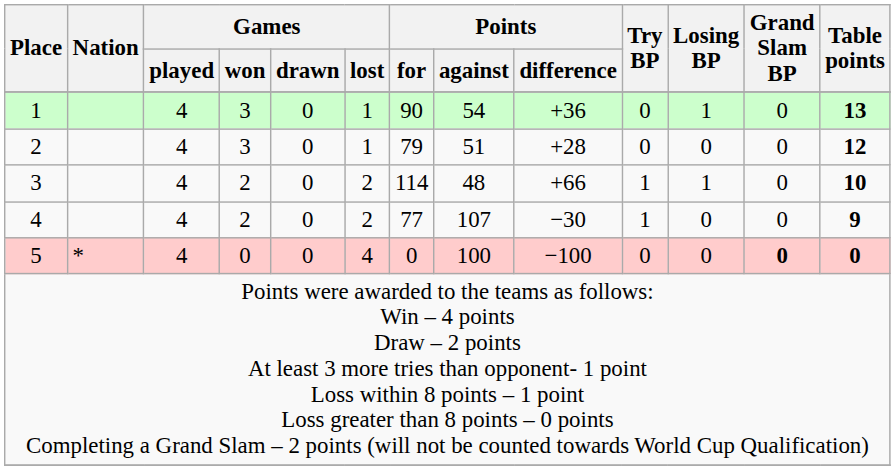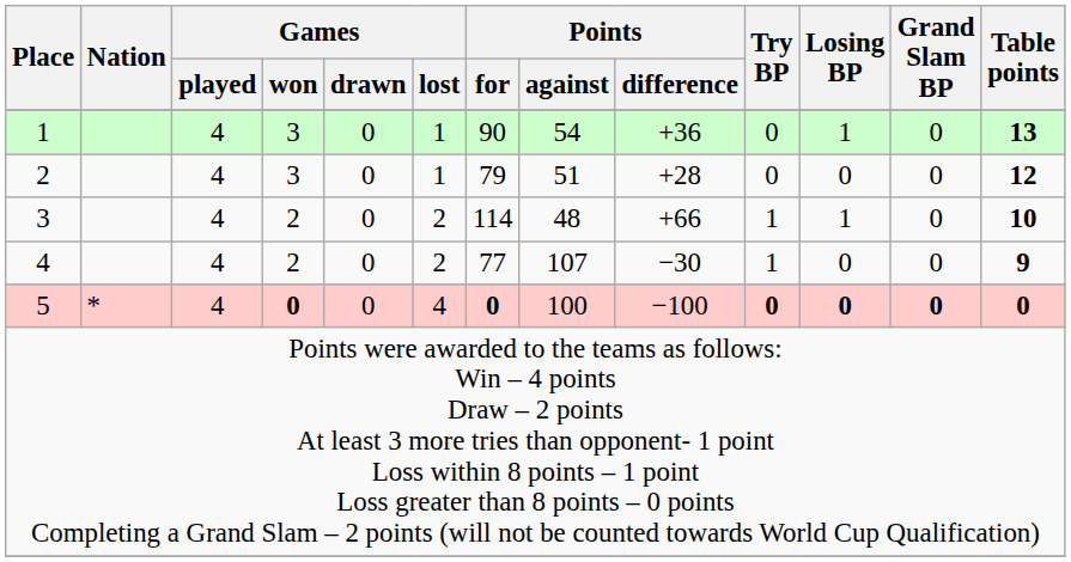 <table class="wikitable">
 <tr>
 <th rowspan=2 width="6%">Place</th>
 <th rowspan=2 width="23%">Nation</th>
 <th colspan=4 width="40%">Games</th>
 <th colspan=3 width="24%">Points</th>
 <th rowspan=2 width="8%">Try<br>BP</th>
 <th rowspan=2 width="8%">Losing<br>BP</th>
 <th rowspan=2 width="8%">Grand Slam<br>BP</th>
 <th rowspan=2 width="10%">Table<br>points</th>
 </tr>
 <tr>
 <th width="8%">played</th>
 <th width="8%">won</th>
 <th width="8%">drawn</th>
 <th width="8%">lost</th>
 <th width="8%">for</th>
 <th width="8%">against</th>
 <th width="8%">difference</th>
 </tr>
 <tr>
 </tr>
 <tr align=center bgcolor=ccffcc>
 <td>1</td>
 <td align=left></td>
 <td>4</td>
 <td>3</td>
 <td>0</td>
 <td>1</td>
 <td>90</td>
 <td>54</td>
 <td>+36</td>
 <td>0</td>
 <td>1</td>
 <td>0</td>
 <td><strong>13</strong></td>
 </tr>
 <tr align=center>
 <td>2</td>
 <td align=left></td>
 <td>4</td>
 <td>3</td>
 <td>0</td>
 <td>1</td>
 <td>79</td>
 <td>51</td>
 <td>+28</td>
 <td>0</td>
 <td>0</td>
 <td>0</td>
 <td><strong>12</strong></td>
 </tr>
 <tr align=center>
 <td>3</td>
 <td align=left></td>
 <td>4</td>
 <td>2</td>
 <td>0</td>
 <td>2</td>
 <td>114</td>
 <td>48</td>
 <td>+66</td>
 <td>1</td>
 <td>1</td>
 <td>0</td>
 <td><strong>10</strong></td>
 </tr>
 <tr align=center>
 <td>4</td>
 <td align=left></td>
 <td>4</td>
 <td>2</td>
 <td>0</td>
 <td>2</td>
 <td>77</td>
 <td>107</td>
 <td>−30</td>
 <td>1</td>
 <td>0</td>
 <td>0</td>
 <td><strong>9</strong></td>
 </tr>
 <tr align=center bgcolor=ffcccc>
 <td>5</td>
 <td align=left>*</td>
 <td>4</td>
-<td>0</td>
+<td><strong>0</strong></td>
 <td>0</td>
 <td>4</td>
-<td>0</td>
+<td><strong>0</strong></td>
 <td>100</td>
 <td>−100</td>
-<td>0</td>
-<td>0</td>
+<td><strong>0</strong></td>
+<td><strong>0</strong></td>
 <td><strong>0</strong></td>
 <td><strong>0</strong></td>
 </tr>
 <tr>
 <td colspan="100%" style="text-align:center;">Points were awarded to the teams as follows:<br>Win – 4 points<br>Draw – 2 points<br> At least 3 more tries than opponent- 1 point<br> Loss within 8 points – 1 point<br>Loss greater than 8 points – 0 points<br>Completing a Grand Slam – 2 points (will not be counted towards World Cup Qualification)</td>
 </tr>
 <tr>
 </tr>
 </table>
